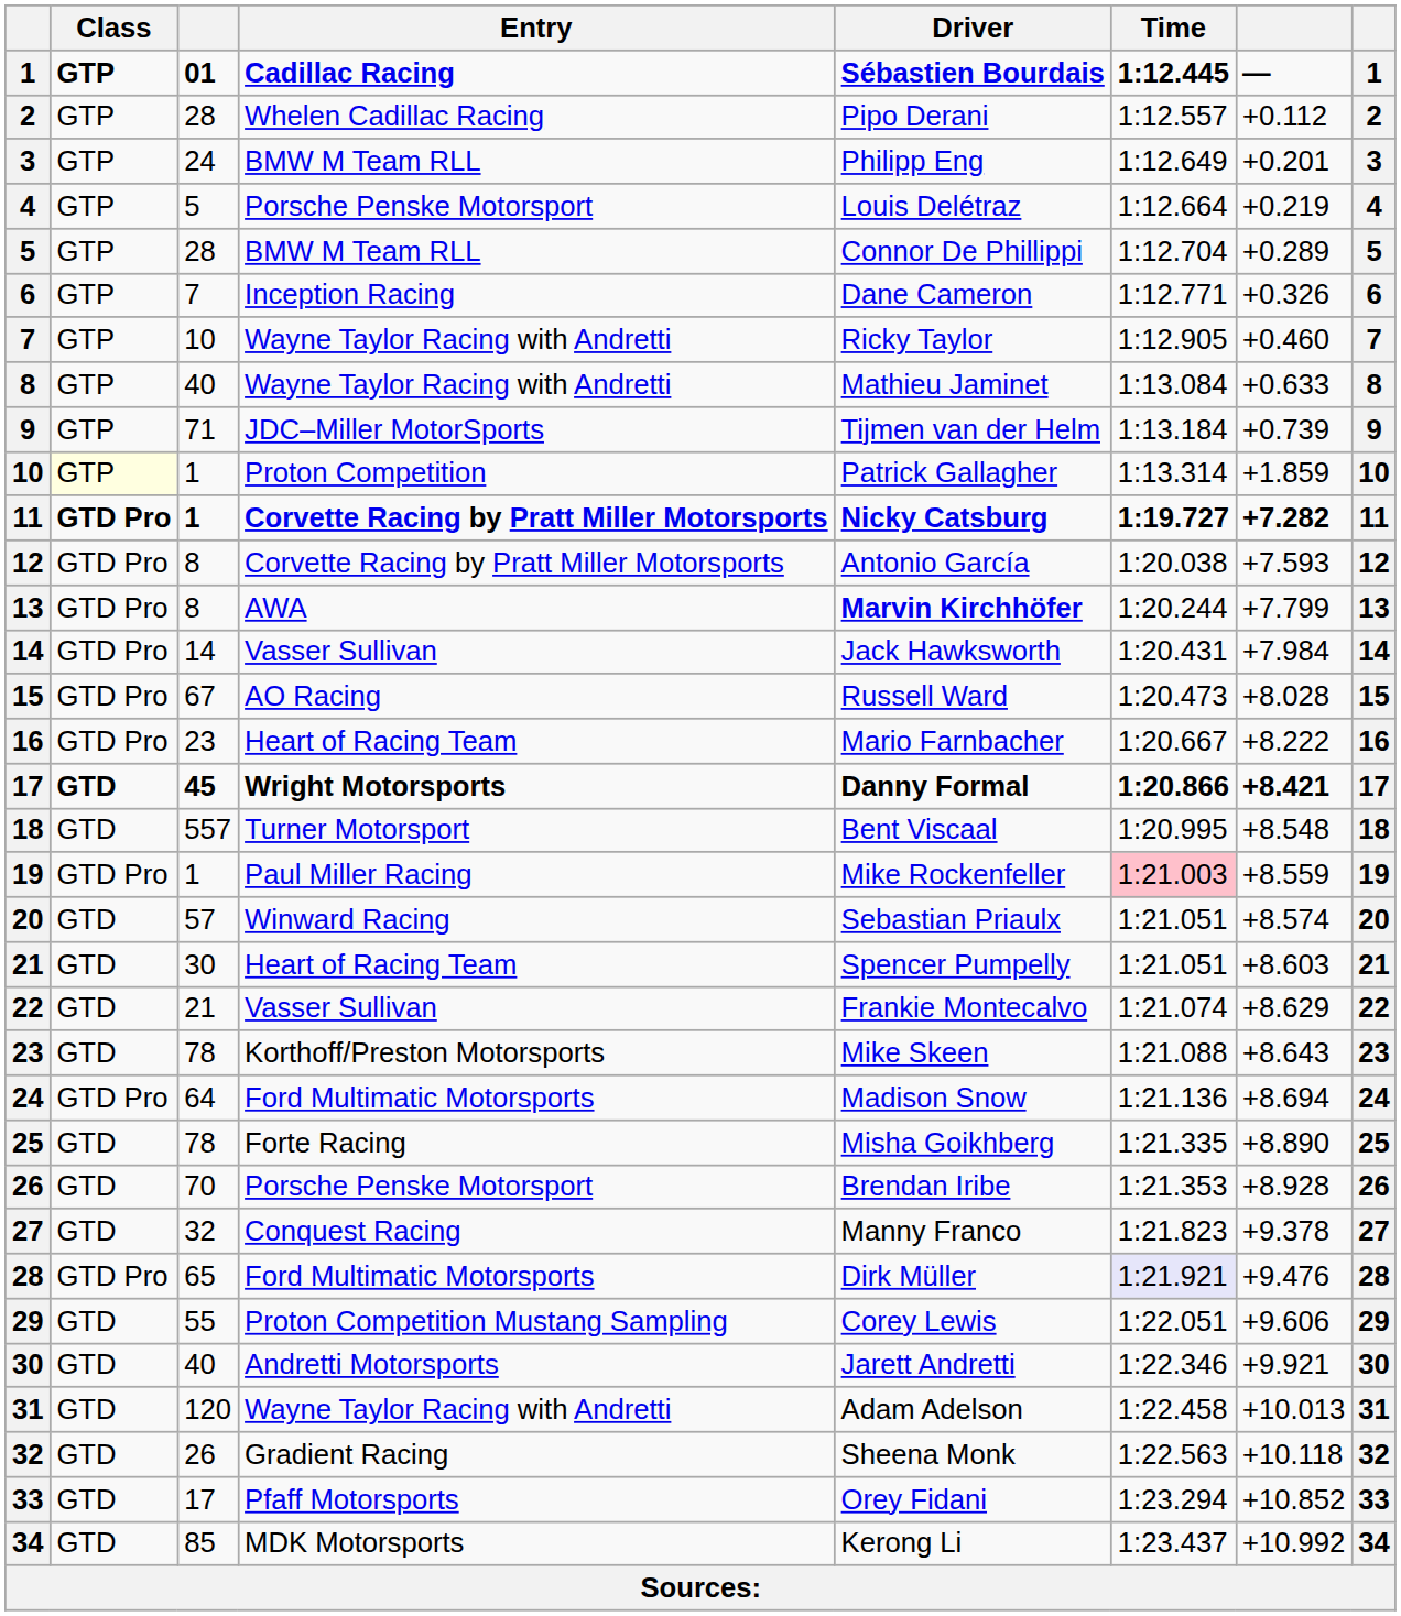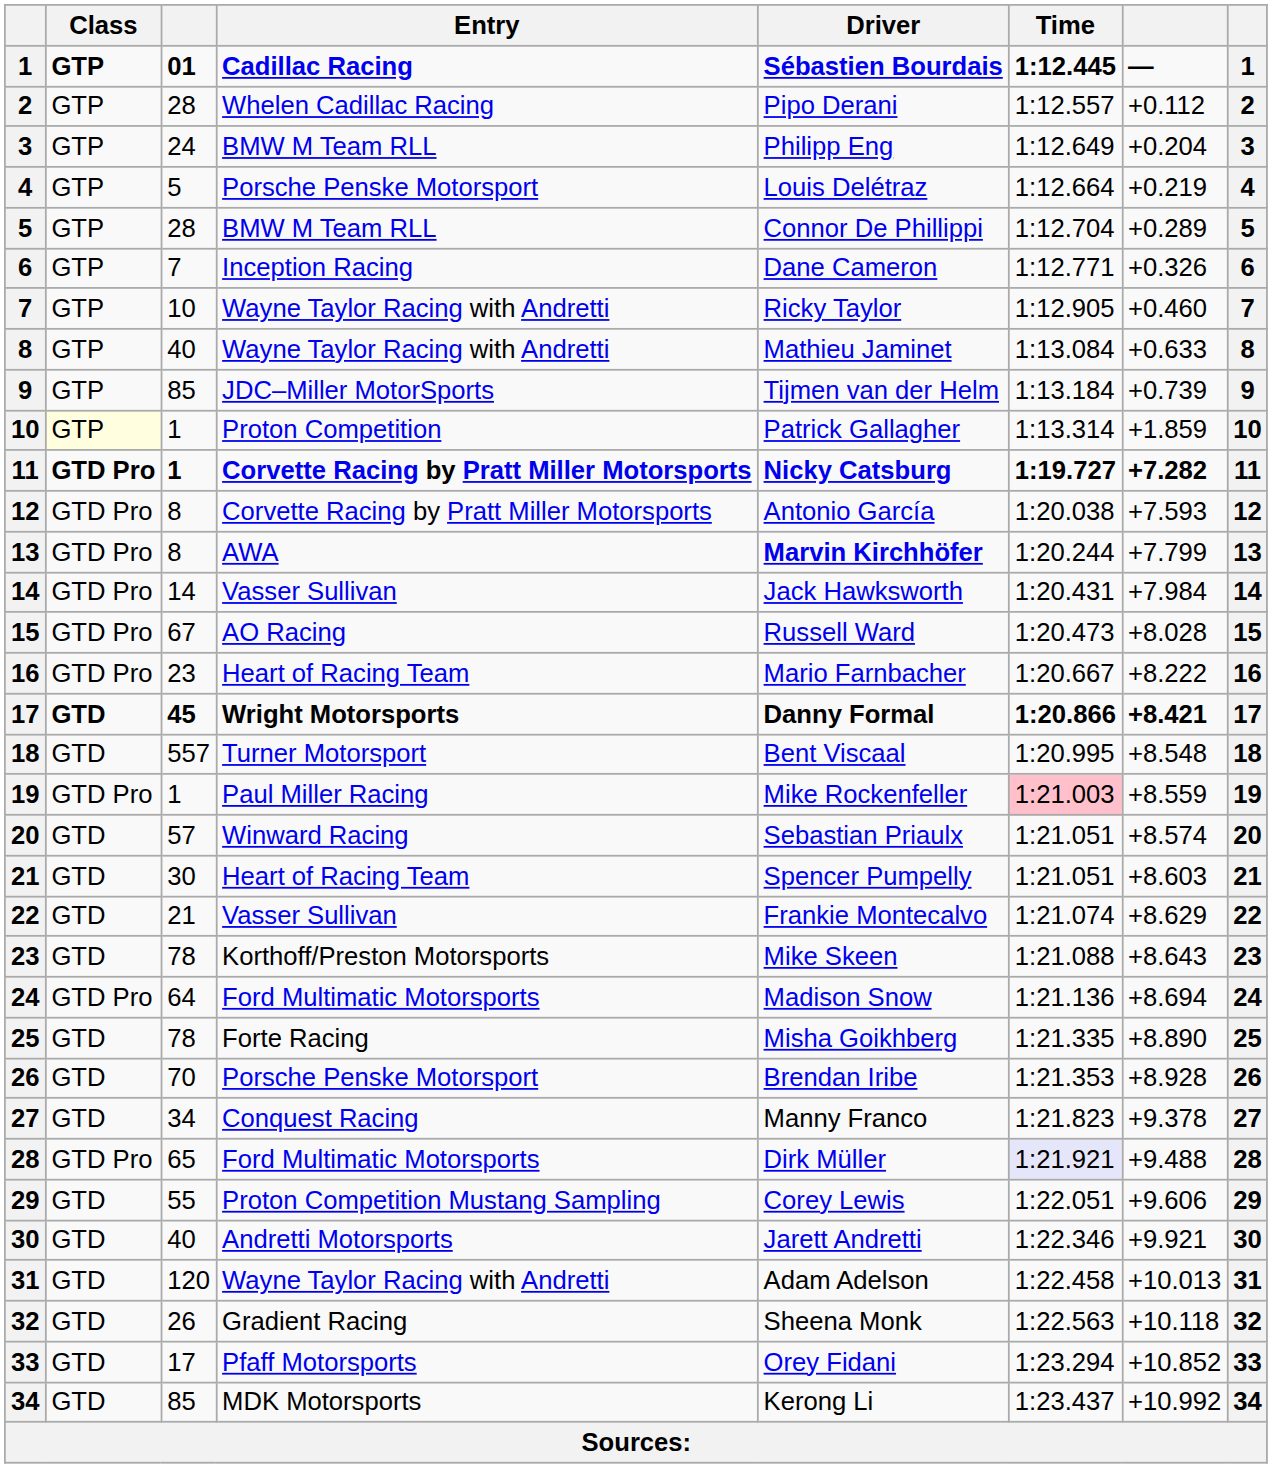 <table class="wikitable" style="font-size: 90%;">
 <tr>
 <th></th>
 <th>Class</th>
 <th></th>
 <th>Entry</th>
 <th>Driver</th>
 <th>Time</th>
 <th></th>
 <th></th>
 </tr>
 <tr style="font-weight:bold">
 <th>1</th>
 <td>GTP</td>
 <td>01</td>
 <td> <a href='#'>Cadillac Racing</a></td>
 <td> <a href='#'>Sébastien Bourdais</a></td>
 <td>1:12.445</td>
 <td>—</td>
 <th>1</th>
 </tr>
 <tr>
 <th>2</th>
 <td>GTP</td>
 <td>28</td>
 <td> <a href='#'>Whelen Cadillac Racing</a></td>
 <td> <a href='#'>Pipo Derani</a></td>
 <td>1:12.557</td>
 <td>+0.112</td>
 <th>2</th>
 </tr>
 <tr>
 <th>3</th>
 <td>GTP</td>
 <td>24</td>
 <td> <a href='#'>BMW M Team RLL</a></td>
 <td> <a href='#'>Philipp Eng</a></td>
 <td>1:12.649</td>
-<td>+0.201</td>
+<td>+0.204</td>
 <th>3</th>
 </tr>
 <tr>
 <th>4</th>
 <td>GTP</td>
 <td>5</td>
 <td> <a href='#'>Porsche Penske Motorsport</a></td>
 <td> <a href='#'>Louis Delétraz</a></td>
 <td>1:12.664</td>
 <td>+0.219</td>
 <th>4</th>
 </tr>
 <tr>
 <th>5</th>
 <td>GTP</td>
 <td>28</td>
 <td> <a href='#'>BMW M Team RLL</a></td>
 <td> <a href='#'>Connor De Phillippi</a></td>
 <td>1:12.704</td>
 <td>+0.289</td>
 <th>5</th>
 </tr>
 <tr>
 <th>6</th>
 <td>GTP</td>
 <td>7</td>
 <td> <a href='#'>Inception Racing</a></td>
 <td> <a href='#'>Dane Cameron</a></td>
 <td>1:12.771</td>
 <td>+0.326</td>
 <th>6</th>
 </tr>
 <tr>
 <th>7</th>
 <td>GTP</td>
 <td>10</td>
 <td> <a href='#'>Wayne Taylor Racing</a> with <a href='#'>Andretti</a></td>
 <td> <a href='#'>Ricky Taylor</a></td>
 <td>1:12.905</td>
 <td>+0.460</td>
 <th>7</th>
 </tr>
 <tr>
 <th>8</th>
 <td>GTP</td>
 <td>40</td>
 <td> <a href='#'>Wayne Taylor Racing</a> with <a href='#'>Andretti</a></td>
 <td> <a href='#'>Mathieu Jaminet</a></td>
 <td>1:13.084</td>
 <td>+0.633</td>
 <th>8</th>
 </tr>
 <tr>
 <th>9</th>
 <td>GTP</td>
-<td>71</td>
+<td>85</td>
 <td> <a href='#'>JDC–Miller MotorSports</a></td>
 <td> <a href='#'>Tijmen van der Helm</a></td>
 <td>1:13.184</td>
 <td>+0.739</td>
 <th>9</th>
 </tr>
 <tr>
 <th>10</th>
 <td style="background: lightyellow;">GTP</td>
 <td>1</td>
 <td> <a href='#'>Proton Competition</a></td>
 <td> <a href='#'>Patrick Gallagher</a></td>
 <td>1:13.314</td>
 <td>+1.859</td>
 <th>10</th>
 </tr>
 <tr style="font-weight:bold">
 <th>11</th>
 <td>GTD Pro</td>
 <td>1</td>
 <td> <a href='#'>Corvette Racing</a> by <a href='#'>Pratt Miller Motorsports</a></td>
 <td> <a href='#'>Nicky Catsburg</a></td>
 <td>1:19.727</td>
 <td>+7.282</td>
 <th>11</th>
 </tr>
 <tr>
 <th>12</th>
 <td>GTD Pro</td>
 <td>8</td>
 <td> <a href='#'>Corvette Racing</a> by <a href='#'>Pratt Miller Motorsports</a></td>
 <td> <a href='#'>Antonio García</a></td>
 <td>1:20.038</td>
 <td>+7.593</td>
 <th>12</th>
 </tr>
 <tr>
 <th>13</th>
 <td>GTD Pro</td>
 <td>8</td>
 <td> <a href='#'>AWA</a></td>
 <td><strong> <a href='#'>Marvin Kirchhöfer</a></strong></td>
 <td>1:20.244</td>
 <td>+7.799</td>
 <th>13</th>
 </tr>
 <tr>
 <th>14</th>
 <td>GTD Pro</td>
 <td>14</td>
 <td> <a href='#'>Vasser Sullivan</a></td>
 <td> <a href='#'>Jack Hawksworth</a></td>
 <td>1:20.431</td>
 <td>+7.984</td>
 <th>14</th>
 </tr>
 <tr>
 <th>15</th>
 <td>GTD Pro</td>
 <td>67</td>
 <td> <a href='#'>AO Racing</a></td>
 <td> <a href='#'>Russell Ward</a></td>
 <td>1:20.473</td>
 <td>+8.028</td>
 <th>15</th>
 </tr>
 <tr>
 <th>16</th>
 <td>GTD Pro</td>
 <td>23</td>
 <td> <a href='#'>Heart of Racing Team</a></td>
 <td> <a href='#'>Mario Farnbacher</a></td>
 <td>1:20.667</td>
 <td>+8.222</td>
 <th>16</th>
 </tr>
 <tr style="font-weight:bold">
 <th>17</th>
 <td>GTD</td>
 <td>45</td>
 <td> Wright Motorsports</td>
 <td> Danny Formal</td>
 <td>1:20.866</td>
 <td>+8.421</td>
 <th>17</th>
 </tr>
 <tr>
 <th>18</th>
 <td>GTD</td>
 <td>557</td>
 <td> <a href='#'>Turner Motorsport</a></td>
 <td> <a href='#'>Bent Viscaal</a></td>
 <td>1:20.995</td>
 <td>+8.548</td>
 <th>18</th>
 </tr>
 <tr>
 <th>19</th>
 <td>GTD Pro</td>
 <td>1</td>
 <td> <a href='#'>Paul Miller Racing</a></td>
 <td> <a href='#'>Mike Rockenfeller</a></td>
 <td style="background: pink;">1:21.003</td>
 <td>+8.559</td>
 <th>19</th>
 </tr>
 <tr>
 <th>20</th>
 <td>GTD</td>
 <td>57</td>
 <td> <a href='#'>Winward Racing</a></td>
 <td> <a href='#'>Sebastian Priaulx</a></td>
 <td>1:21.051</td>
 <td>+8.574</td>
 <th>20</th>
 </tr>
 <tr>
 <th>21</th>
 <td>GTD</td>
 <td>30</td>
 <td> <a href='#'>Heart of Racing Team</a></td>
 <td> <a href='#'>Spencer Pumpelly</a></td>
 <td>1:21.051</td>
 <td>+8.603</td>
 <th>21</th>
 </tr>
 <tr>
 <th>22</th>
 <td>GTD</td>
 <td>21</td>
 <td> <a href='#'>Vasser Sullivan</a></td>
 <td> <a href='#'>Frankie Montecalvo</a></td>
 <td>1:21.074</td>
 <td>+8.629</td>
 <th>22</th>
 </tr>
 <tr>
 <th>23</th>
 <td>GTD</td>
 <td>78</td>
 <td> Korthoff/Preston Motorsports</td>
 <td> <a href='#'>Mike Skeen</a></td>
 <td>1:21.088</td>
 <td>+8.643</td>
 <th>23</th>
 </tr>
 <tr>
 <th>24</th>
 <td>GTD Pro</td>
 <td>64</td>
 <td> <a href='#'>Ford Multimatic Motorsports</a></td>
 <td> <a href='#'>Madison Snow</a></td>
 <td>1:21.136</td>
 <td>+8.694</td>
 <th>24</th>
 </tr>
 <tr>
 <th>25</th>
 <td>GTD</td>
 <td>78</td>
 <td> Forte Racing</td>
 <td> <a href='#'>Misha Goikhberg</a></td>
 <td>1:21.335</td>
 <td>+8.890</td>
 <th>25</th>
 </tr>
 <tr>
 <th>26</th>
 <td>GTD</td>
 <td>70</td>
 <td> <a href='#'>Porsche Penske Motorsport</a></td>
 <td> <a href='#'>Brendan Iribe</a></td>
 <td>1:21.353</td>
 <td>+8.928</td>
 <th>26</th>
 </tr>
 <tr>
 <th>27</th>
 <td>GTD</td>
-<td>32</td>
+<td>34</td>
 <td> <a href='#'>Conquest Racing</a></td>
 <td> Manny Franco</td>
 <td>1:21.823</td>
 <td>+9.378</td>
 <th>27</th>
 </tr>
 <tr>
 <th>28</th>
 <td>GTD Pro</td>
 <td>65</td>
 <td> <a href='#'>Ford Multimatic Motorsports</a></td>
 <td> <a href='#'>Dirk Müller</a></td>
 <td style="background: lavender;">1:21.921</td>
-<td>+9.476</td>
+<td>+9.488</td>
 <th>28</th>
 </tr>
 <tr>
 <th>29</th>
 <td>GTD</td>
 <td>55</td>
 <td> <a href='#'>Proton Competition Mustang Sampling</a></td>
 <td> <a href='#'>Corey Lewis</a></td>
 <td>1:22.051</td>
 <td>+9.606</td>
 <th>29</th>
 </tr>
 <tr>
 <th>30</th>
 <td>GTD</td>
 <td>40</td>
 <td> <a href='#'>Andretti Motorsports</a></td>
 <td> <a href='#'>Jarett Andretti</a></td>
 <td>1:22.346</td>
 <td>+9.921</td>
 <th>30</th>
 </tr>
 <tr>
 <th>31</th>
 <td>GTD</td>
 <td>120</td>
 <td> <a href='#'>Wayne Taylor Racing</a> with <a href='#'>Andretti</a></td>
 <td> Adam Adelson</td>
 <td>1:22.458</td>
 <td>+10.013</td>
 <th>31</th>
 </tr>
 <tr>
 <th>32</th>
 <td>GTD</td>
 <td>26</td>
 <td> Gradient Racing</td>
 <td> Sheena Monk</td>
 <td>1:22.563</td>
 <td>+10.118</td>
 <th>32</th>
 </tr>
 <tr>
 <th>33</th>
 <td>GTD</td>
 <td>17</td>
 <td> <a href='#'>Pfaff Motorsports</a></td>
 <td> <a href='#'>Orey Fidani</a></td>
 <td>1:23.294</td>
 <td>+10.852</td>
 <th>33</th>
 </tr>
 <tr>
 <th>34</th>
 <td>GTD</td>
 <td>85</td>
 <td> MDK Motorsports</td>
 <td> Kerong Li</td>
 <td>1:23.437</td>
 <td>+10.992</td>
 <th>34</th>
 </tr>
 <tr>
 <th colspan="8">Sources:</th>
 </tr>
 </table>
